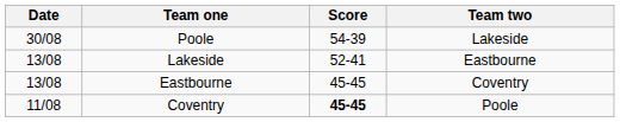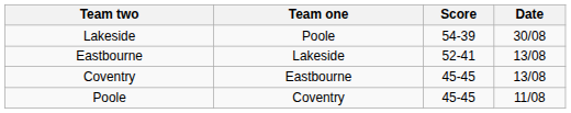 <table class="wikitable" style="text-align: center">
 <tr>
-<th width=80>Date</th>
+<th width=250>Team two</th>
 <th width=250>Team one</th>
 <th width=80>Score</th>
-<th width=250>Team two</th>
+<th width=80>Date</th>
 </tr>
 <tr>
-<td>30/08</td>
+<td>Lakeside</td>
 <td>Poole</td>
 <td>54-39</td>
-<td>Lakeside</td>
+<td>30/08</td>
 </tr>
 <tr>
-<td>13/08</td>
+<td>Eastbourne</td>
 <td>Lakeside</td>
 <td>52-41</td>
-<td>Eastbourne</td>
+<td>13/08</td>
 </tr>
 <tr>
-<td>13/08</td>
+<td>Coventry</td>
 <td>Eastbourne</td>
 <td>45-45</td>
-<td>Coventry</td>
+<td>13/08</td>
 </tr>
 <tr>
+<td>Poole</td>
+<td>Coventry</td>
+<td>45-45</td>
 <td>11/08</td>
-<td>Coventry</td>
-<td><strong>45-45</strong></td>
-<td>Poole</td>
 </tr>
 </table>
